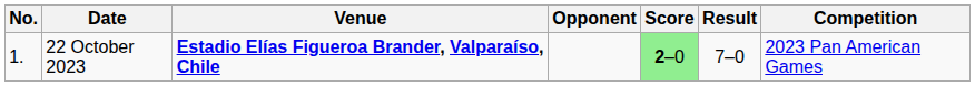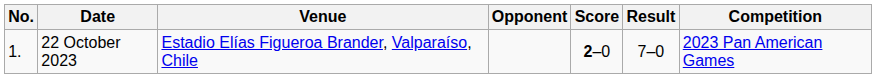 <table class="wikitable">
 <tr>
 <th>No.</th>
 <th>Date</th>
 <th>Venue</th>
 <th>Opponent</th>
 <th>Score</th>
 <th>Result</th>
 <th>Competition</th>
 </tr>
 <tr>
 <td>1.</td>
 <td>22 October 2023</td>
-<td><strong><a href='#'>Estadio Elías Figueroa Brander</a>, <a href='#'>Valparaíso</a>, <a href='#'>Chile</a></strong></td>
+<td><a href='#'>Estadio Elías Figueroa Brander</a>, <a href='#'>Valparaíso</a>, <a href='#'>Chile</a></td>
 <td></td>
-<td align=center style="background: lightgreen;"><strong>2</strong>–0</td>
+<td align=center><strong>2</strong>–0</td>
 <td align=center>7–0</td>
 <td><a href='#'>2023 Pan American Games</a></td>
 </tr>
 <tr>
 </tr>
 </table>
